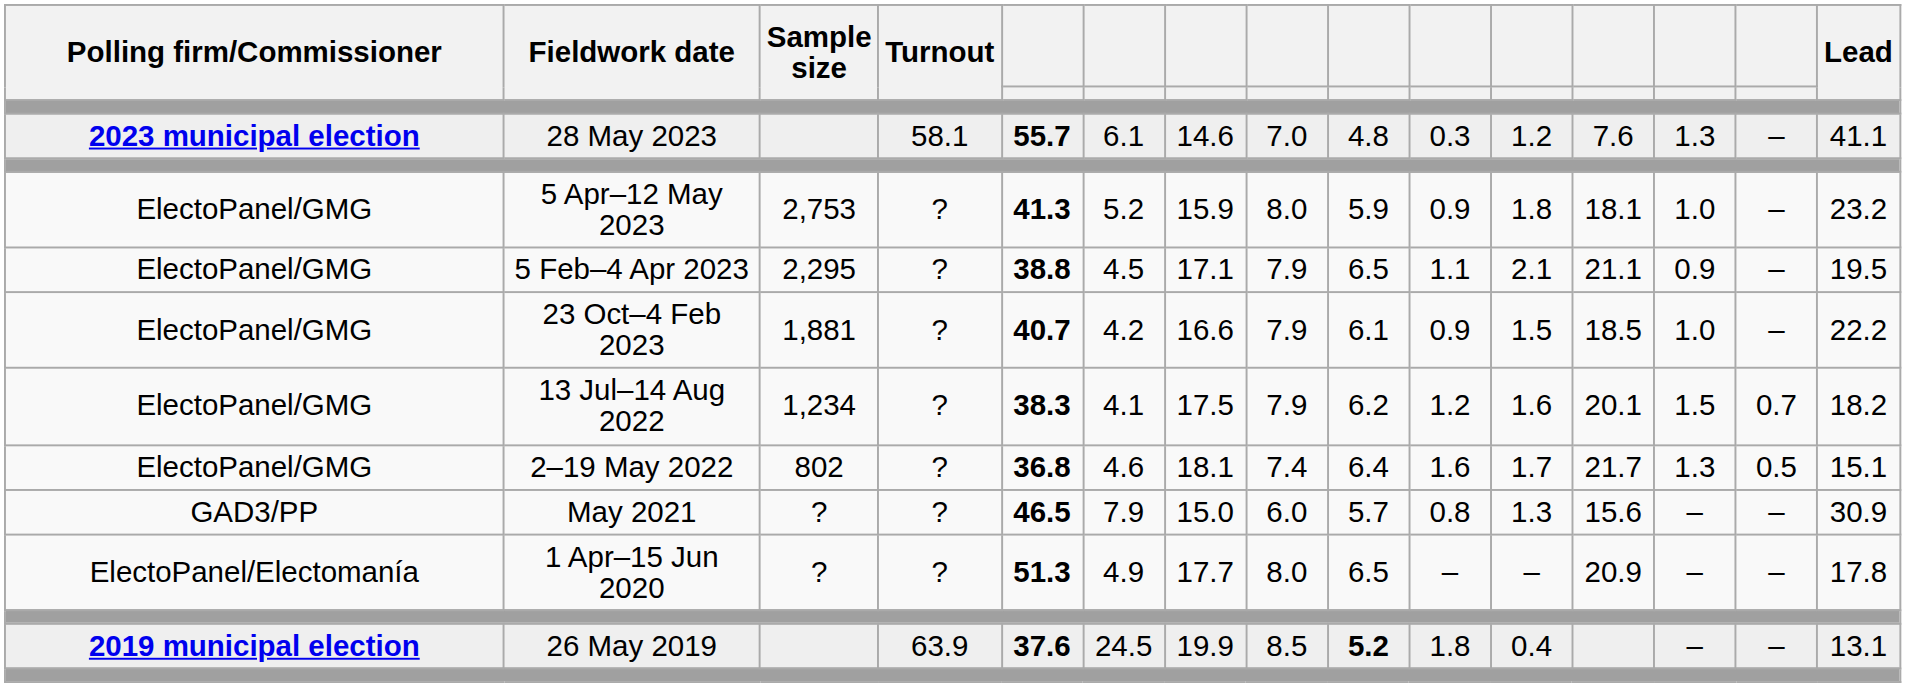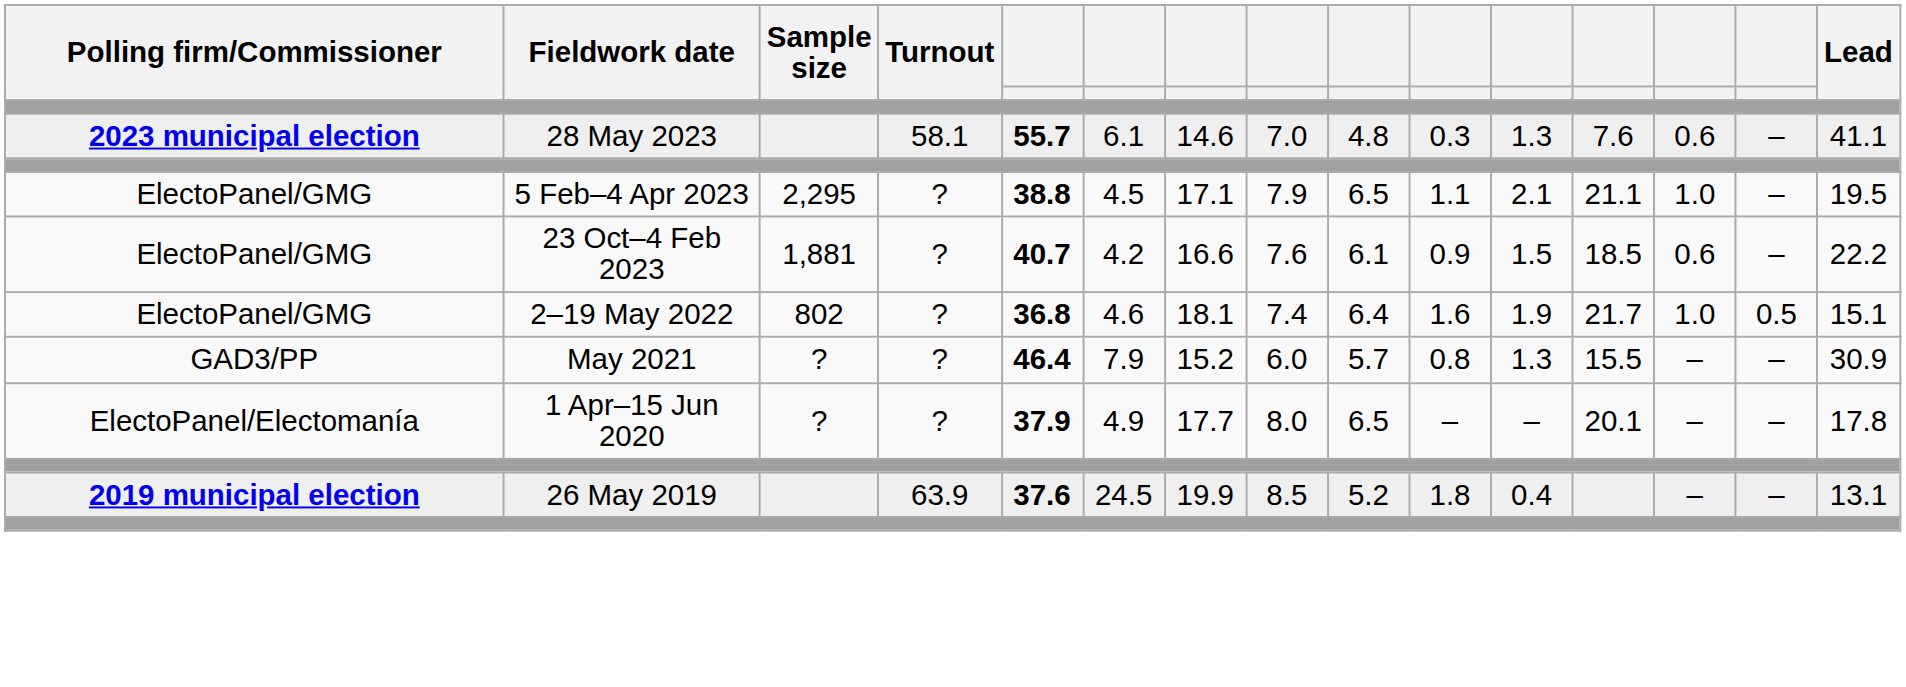 <table class="wikitable collapsible collapsed" style="text-align:center; font-size:95%; line-height:16px;">
 <tr style="height:42px;">
 <th style="width:250px;" rowspan="2">Polling firm/Commissioner</th>
 <th style="width:125px;" rowspan="2">Fieldwork date</th>
 <th style="width:50px;" rowspan="2">Sample size</th>
 <th style="width:45px;" rowspan="2">Turnout</th>
 <th style="width:35px;"></th>
 <th style="width:35px;"></th>
 <th style="width:35px;"></th>
 <th style="width:35px;"></th>
 <th style="width:35px;"><br></th>
 <th style="width:35px;"></th>
 <th style="width:35px;"></th>
 <th style="width:35px;"></th>
 <th style="width:35px;"></th>
 <th style="width:35px;"></th>
 <th style="width:30px;" rowspan="2">Lead</th>
 </tr>
 <tr>
 <th style="color:inherit;background:"></th>
 <th style="color:inherit;background:"></th>
 <th style="color:inherit;background:"></th>
 <th style="color:inherit;background:"></th>
 <th style="color:inherit;background:"></th>
 <th style="color:inherit;background:"></th>
 <th style="color:inherit;background:"></th>
 <th style="color:inherit;background:"></th>
 <th style="color:inherit;background:"></th>
 <th style="color:inherit;background:"></th>
 </tr>
 <tr>
 <td colspan="15" style="background:#A0A0A0"></td>
 </tr>
 <tr style="background:#EFEFEF;">
 <td><strong><a href='#'>2023 municipal election</a></strong></td>
 <td>28 May 2023</td>
 <td></td>
 <td>58.1</td>
 <td><strong>55.7</strong><br></td>
 <td>6.1<br></td>
 <td>14.6<br></td>
 <td>7.0<br></td>
 <td>4.8<br></td>
 <td>0.3<br></td>
-<td>1.2<br></td>
+<td>1.3<br></td>
 <td>7.6<br></td>
-<td>1.3<br></td>
+<td>0.6<br></td>
 <td>–</td>
 <td style="background:">41.1</td>
 </tr>
 <tr>
 <td colspan="15" style="background:#A0A0A0"></td>
-</tr>
-<tr>
-<td>ElectoPanel/GMG</td>
-<td>5 Apr–12 May 2023</td>
-<td>2,753</td>
-<td>?</td>
-<td><strong>41.3</strong><br></td>
-<td>5.2<br></td>
-<td>15.9<br></td>
-<td>8.0<br></td>
-<td>5.9<br></td>
-<td>0.9<br></td>
-<td>1.8<br></td>
-<td>18.1<br></td>
-<td>1.0<br></td>
-<td>–</td>
-<td style="background:">23.2</td>
 </tr>
 <tr>
 <td>ElectoPanel/GMG</td>
 <td>5 Feb–4 Apr 2023</td>
 <td>2,295</td>
 <td>?</td>
 <td><strong>38.8</strong><br></td>
 <td>4.5<br></td>
 <td>17.1<br></td>
 <td>7.9<br></td>
 <td>6.5<br></td>
 <td>1.1<br></td>
 <td>2.1<br></td>
 <td>21.1<br></td>
-<td>0.9<br></td>
+<td>1.0<br></td>
 <td>–</td>
 <td style="background:">19.5</td>
 </tr>
 <tr>
 <td>ElectoPanel/GMG</td>
 <td>23 Oct–4 Feb 2023</td>
 <td>1,881</td>
 <td>?</td>
 <td><strong>40.7</strong><br></td>
 <td>4.2<br></td>
 <td>16.6<br></td>
-<td>7.9<br></td>
+<td>7.6<br></td>
 <td>6.1<br></td>
 <td>0.9<br></td>
 <td>1.5<br></td>
 <td>18.5<br></td>
-<td>1.0<br></td>
+<td>0.6<br></td>
 <td>–</td>
 <td style="background:">22.2</td>
-</tr>
-<tr>
-<td>ElectoPanel/GMG</td>
-<td>13 Jul–14 Aug 2022</td>
-<td>1,234</td>
-<td>?</td>
-<td><strong>38.3</strong><br></td>
-<td>4.1<br></td>
-<td>17.5<br></td>
-<td>7.9<br></td>
-<td>6.2<br></td>
-<td>1.2<br></td>
-<td>1.6<br></td>
-<td>20.1<br></td>
-<td>1.5<br></td>
-<td>0.7<br></td>
-<td style="background:">18.2</td>
 </tr>
 <tr>
 <td>ElectoPanel/GMG</td>
 <td>2–19 May 2022</td>
 <td>802</td>
 <td>?</td>
 <td><strong>36.8</strong><br></td>
 <td>4.6<br></td>
 <td>18.1<br></td>
 <td>7.4<br></td>
 <td>6.4<br></td>
 <td>1.6<br></td>
-<td>1.7<br></td>
+<td>1.9<br></td>
 <td>21.7<br></td>
-<td>1.3<br></td>
+<td>1.0<br></td>
 <td>0.5<br></td>
 <td style="background:">15.1</td>
 </tr>
 <tr>
 <td>GAD3/PP</td>
 <td>May 2021</td>
 <td>?</td>
 <td>?</td>
-<td><strong>46.5</strong><br></td>
+<td><strong>46.4</strong><br></td>
 <td>7.9<br></td>
-<td>15.0<br></td>
+<td>15.2<br></td>
 <td>6.0<br></td>
 <td>5.7<br></td>
 <td>0.8<br></td>
 <td>1.3<br></td>
-<td>15.6<br></td>
+<td>15.5<br></td>
 <td>–</td>
 <td>–</td>
 <td style="background:">30.9</td>
 </tr>
 <tr>
 <td>ElectoPanel/Electomanía</td>
 <td>1 Apr–15 Jun 2020</td>
 <td>?</td>
 <td>?</td>
-<td><strong>51.3</strong><br></td>
+<td><strong>37.9</strong><br></td>
 <td>4.9<br></td>
 <td>17.7<br></td>
 <td>8.0<br></td>
 <td>6.5<br></td>
 <td>–</td>
 <td>–</td>
-<td>20.9<br></td>
+<td>20.1<br></td>
 <td>–</td>
 <td>–</td>
 <td style="background:">17.8</td>
 </tr>
 <tr>
 <td colspan="15" style="background:#A0A0A0"></td>
 </tr>
 <tr style="background:#EFEFEF;">
 <td><strong><a href='#'>2019 municipal election</a></strong></td>
 <td>26 May 2019</td>
 <td></td>
 <td>63.9</td>
 <td><strong>37.6</strong><br></td>
 <td>24.5<br></td>
 <td>19.9<br></td>
 <td>8.5<br></td>
-<td><strong>5.2<br></strong></td>
+<td>5.2<br></td>
 <td>1.8<br></td>
 <td>0.4<br></td>
 <td></td>
 <td>–</td>
 <td>–</td>
 <td style="background:">13.1</td>
 </tr>
 <tr>
 <td colspan="15" style="background:#A0A0A0"></td>
 </tr>
 </table>
